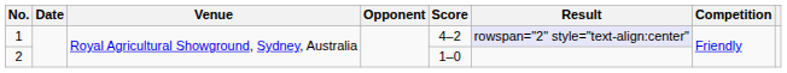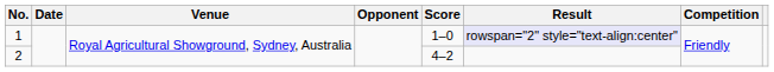 <table class="wikitable sortable">
 <tr>
 <th scope="col">No.</th>
 <th scope="col">Date</th>
 <th scope="col">Venue</th>
 <th scope="col">Opponent</th>
 <th scope="col">Score</th>
 <th scope="col">Result</th>
 <th scope="col">Competition</th>
 <th scope="col" class="unsortable"></th>
 </tr>
 <tr>
 <td style="text-align:center">1</td>
 <td rowspan="2"></td>
 <td rowspan="2"><a href='#'>Royal Agricultural Showground</a>, <a href='#'>Sydney</a>, Australia</td>
 <td rowspan="2"></td>
-<td style="text-align:center">4–2</td>
+<td style="text-align:center">1–0</td>
 <td style="background: lavender;">rowspan="2" style="text-align:center" </td>
 <td rowspan="2"><a href='#'>Friendly</a></td>
 <td rowspan="2"></td>
 </tr>
 <tr>
 <td style="text-align:center">2</td>
-<td style="text-align:center">1–0</td>
+<td style="text-align:center">4–2</td>
 </tr>
 </table>
